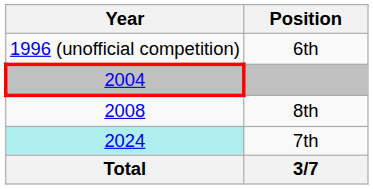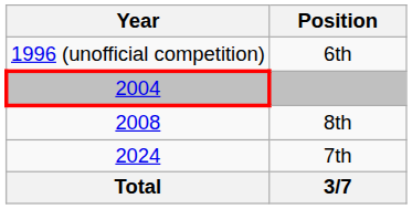 <table class="wikitable" style="text-align: center;">
 <tr>
 <th>Year</th>
 <th width="100">Position</th>
 </tr>
 <tr style="background:">
 <td> <a href='#'>1996</a> (unofficial competition)</td>
 <td>6th</td>
 </tr>
 <tr bgcolor=silver>
 <td style="border: 3px solid red"> <a href='#'>2004</a></td>
 <td></td>
 </tr>
 <tr>
 <td> <a href='#'>2008</a></td>
 <td>8th</td>
 </tr>
 <tr>
-<td style="background: paleturquoise;"> <a href='#'>2024</a></td>
+<td> <a href='#'>2024</a></td>
 <td>7th</td>
 </tr>
 <tr>
 <th>Total</th>
 <th>3/7</th>
 </tr>
 </table>
